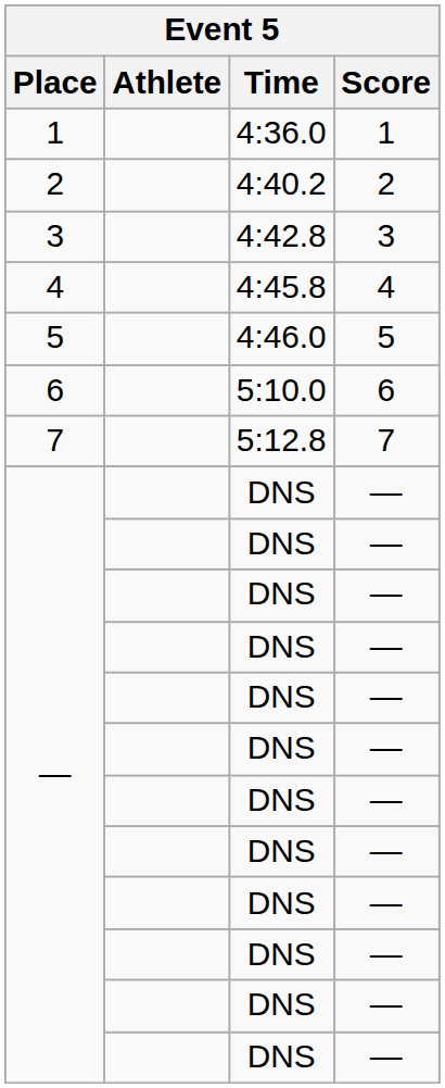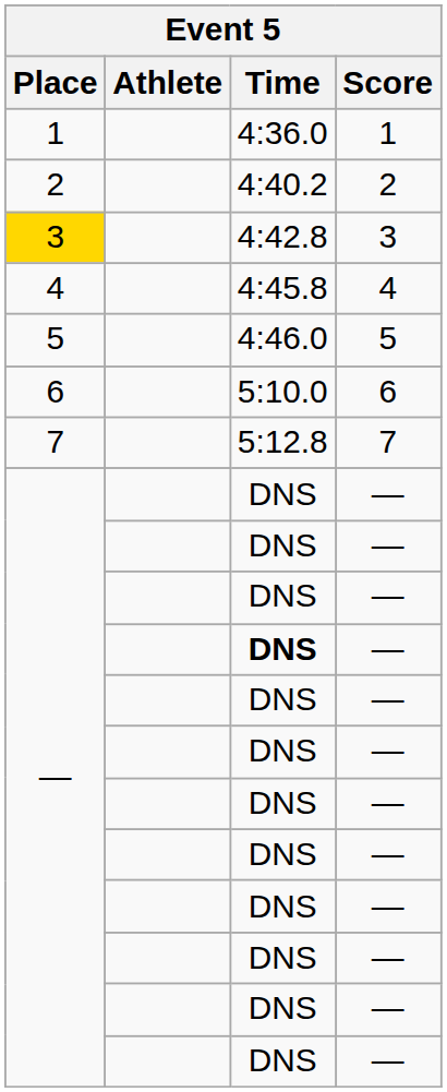 <table class=wikitable style="text-align:center">
 <tr>
 <th colspan=4><strong>Event 5</strong></th>
 </tr>
 <tr>
 <th>Place</th>
 <th>Athlete</th>
 <th>Time</th>
 <th>Score</th>
 </tr>
 <tr>
 <td>1</td>
 <td align=left></td>
 <td>4:36.0</td>
 <td>1</td>
 </tr>
 <tr>
 <td>2</td>
 <td align=left></td>
 <td>4:40.2</td>
 <td>2</td>
 </tr>
 <tr>
-<td>3</td>
+<td style="background: gold;">3</td>
 <td align=left></td>
 <td>4:42.8</td>
 <td>3</td>
 </tr>
 <tr>
 <td>4</td>
 <td align=left></td>
 <td>4:45.8</td>
 <td>4</td>
 </tr>
 <tr>
 <td>5</td>
 <td align=left></td>
 <td>4:46.0</td>
 <td>5</td>
 </tr>
 <tr>
 <td>6</td>
 <td align=left></td>
 <td>5:10.0</td>
 <td>6</td>
 </tr>
 <tr>
 <td>7</td>
 <td align=left></td>
 <td>5:12.8</td>
 <td>7</td>
 </tr>
 <tr>
 <td rowspan=12>—</td>
 <td align=left></td>
 <td>DNS</td>
 <td>—</td>
 </tr>
 <tr>
 <td align=left></td>
 <td>DNS</td>
 <td>—</td>
 </tr>
 <tr>
 <td align=left></td>
 <td>DNS</td>
 <td>—</td>
 </tr>
 <tr>
 <td align=left></td>
-<td>DNS</td>
+<td><strong>DNS</strong></td>
 <td>—</td>
 </tr>
 <tr>
 <td align=left></td>
 <td>DNS</td>
 <td>—</td>
 </tr>
 <tr>
 <td align=left></td>
 <td>DNS</td>
 <td>—</td>
 </tr>
 <tr>
 <td align=left></td>
 <td>DNS</td>
 <td>—</td>
 </tr>
 <tr>
 <td align=left></td>
 <td>DNS</td>
 <td>—</td>
 </tr>
 <tr>
 <td align=left></td>
 <td>DNS</td>
 <td>—</td>
 </tr>
 <tr>
 <td align=left></td>
 <td>DNS</td>
 <td>—</td>
 </tr>
 <tr>
 <td align=left></td>
 <td>DNS</td>
 <td>—</td>
 </tr>
 <tr>
 <td align=left></td>
 <td>DNS</td>
 <td>—</td>
 </tr>
 </table>
